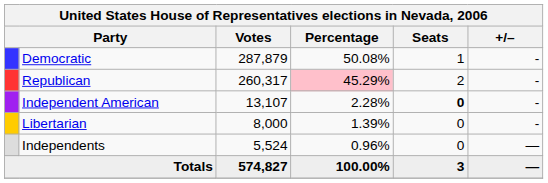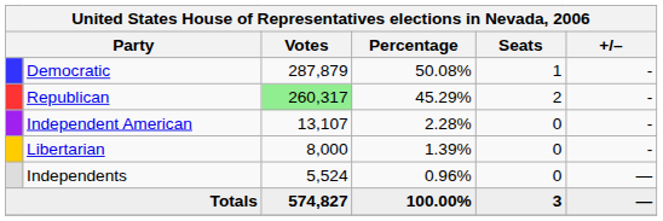 <table class="wikitable" style="font-size: 95%;">
 <tr>
 <th colspan="6">United States House of Representatives elections in Nevada, 2006</th>
 </tr>
 <tr>
 <th colspan=2 style="width: 15em">Party</th>
 <th style="width: 5em">Votes</th>
 <th style="width: 7em">Percentage</th>
 <th style="width: 5em">Seats</th>
 <th style="width: 5em">+/–</th>
 </tr>
 <tr>
 <th style="background-color:#3333FF; width: 3px"></th>
 <td style="width: 130px"><a href='#'>Democratic</a></td>
 <td align="right">287,879</td>
 <td align="right">50.08%</td>
 <td align="right">1</td>
 <td align="right">-</td>
 </tr>
 <tr>
 <th style="background-color:#FF3333; width: 3px"></th>
 <td style="width: 130px"><a href='#'>Republican</a></td>
-<td align="right">260,317</td>
-<td align="right" style="background: pink;">45.29%</td>
+<td align="right" style="background: lightgreen;">260,317</td>
+<td align="right">45.29%</td>
 <td align="right">2</td>
 <td align="right">-</td>
 </tr>
 <tr>
 <th style="background-color:#A020F0; width: 3px"></th>
 <td style="width: 130px"><a href='#'>Independent American</a></td>
 <td align="right">13,107</td>
 <td align="right">2.28%</td>
-<td align="right"><strong>0</strong></td>
+<td align="right">0</td>
 <td align="right">-</td>
 </tr>
 <tr>
 <th style="background-color:#FFCC00; width: 3px"></th>
 <td style="width: 130px"><a href='#'>Libertarian</a></td>
 <td align="right">8,000</td>
 <td align="right">1.39%</td>
 <td align="right">0</td>
 <td align="right">-</td>
 </tr>
 <tr>
 <th style="background-color:#DDDDDD; width: 3px"></th>
 <td style="width: 130px">Independents</td>
 <td align="right">5,524</td>
 <td align="right">0.96%</td>
 <td align="right">0</td>
 <td align="right">—</td>
 </tr>
 <tr bgcolor="#EEEEEE">
 <td colspan="2" align="right"><strong>Totals</strong></td>
 <td align="right"><strong>574,827</strong></td>
 <td align="right"><strong>100.00%</strong></td>
 <td align="right"><strong>3</strong></td>
 <td align="right"><strong>—</strong></td>
 </tr>
 <tr bgcolor="#EEEEEE">
 </tr>
 </table>
